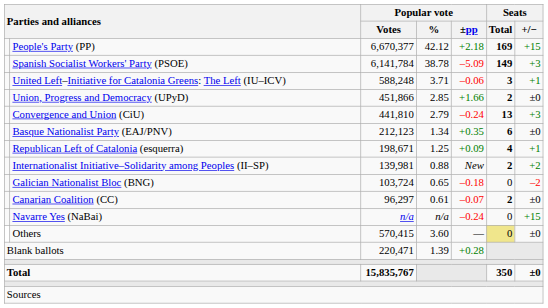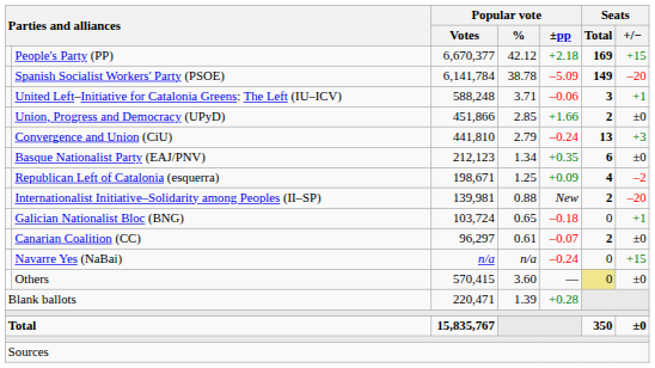 <table class="wikitable" style="text-align:right">
 <tr>
 <th style="text-align:left;" rowspan="2" colspan="2" width="525">Parties and alliances</th>
 <th colspan="3">Popular vote</th>
 <th colspan="2">Seats</th>
 </tr>
 <tr>
 <th width="75">Votes</th>
 <th width="45">%</th>
 <th width="45">±<a href='#'>pp</a></th>
 <th width="35">Total</th>
 <th width="35">+/−</th>
 </tr>
 <tr>
 <td width="1" style="color:inherit;background:"></td>
 <td align="left"><a href='#'>People's Party</a> (PP)</td>
 <td>6,670,377</td>
 <td>42.12</td>
 <td style="color:green;">+2.18</td>
 <td><strong>169</strong></td>
 <td style="color:green;">+15</td>
 </tr>
 <tr>
 <td style="color:inherit;background:"></td>
 <td align="left"><a href='#'>Spanish Socialist Workers' Party</a> (PSOE)</td>
 <td>6,141,784</td>
 <td>38.78</td>
 <td style="color:red;">–5.09</td>
 <td><strong>149</strong></td>
-<td style="color:green;">+3</td>
+<td style="color:red;">–20</td>
 </tr>
 <tr>
 <td style="color:inherit;background:"></td>
 <td align="left"><a href='#'>United Left</a>–<a href='#'>Initiative for Catalonia Greens</a>: <a href='#'>The Left</a> (IU–ICV)</td>
 <td>588,248</td>
 <td>3.71</td>
 <td style="color:red;">–0.06</td>
 <td><strong>3</strong></td>
 <td style="color:green;">+1</td>
 </tr>
 <tr>
 <td style="color:inherit;background:"></td>
 <td align="left"><a href='#'>Union, Progress and Democracy</a> (UPyD)</td>
 <td>451,866</td>
 <td>2.85</td>
 <td style="color:green;">+1.66</td>
 <td><strong>2</strong></td>
 <td>±0</td>
 </tr>
 <tr>
 <td style="color:inherit;background:"></td>
 <td align="left"><a href='#'>Convergence and Union</a> (CiU)</td>
 <td>441,810</td>
 <td>2.79</td>
 <td style="color:red;">–0.24</td>
 <td><strong>13</strong></td>
 <td style="color:green;">+3</td>
 </tr>
 <tr>
 <td style="color:inherit;background:"></td>
 <td align="left"><a href='#'>Basque Nationalist Party</a> (EAJ/PNV)</td>
 <td>212,123</td>
 <td>1.34</td>
 <td style="color:green;">+0.35</td>
 <td><strong>6</strong></td>
 <td>±0</td>
 </tr>
 <tr>
 <td style="color:inherit;background:"></td>
 <td align="left"><a href='#'>Republican Left of Catalonia</a> (esquerra)</td>
 <td>198,671</td>
 <td>1.25</td>
 <td style="color:green;">+0.09</td>
 <td><strong>4</strong></td>
-<td style="color:green;">+1</td>
+<td style="color:red;">–2</td>
 </tr>
 <tr>
 <td style="color:inherit;background:"></td>
 <td align="left"><a href='#'>Internationalist Initiative–Solidarity among Peoples</a> (II–SP)</td>
 <td>139,981</td>
 <td>0.88</td>
 <td><em>New</em></td>
 <td><strong>2</strong></td>
-<td style="color:green;">+2</td>
+<td style="color:red;">–20</td>
 </tr>
 <tr>
 <td style="color:inherit;background:"></td>
 <td align="left"><a href='#'>Galician Nationalist Bloc</a> (BNG)</td>
 <td>103,724</td>
 <td>0.65</td>
 <td style="color:red;">–0.18</td>
 <td>0</td>
-<td style="color:red;">–2</td>
+<td style="color:green;">+1</td>
 </tr>
 <tr>
 <td style="color:inherit;background:"></td>
 <td align="left"><a href='#'>Canarian Coalition</a> (CC)</td>
 <td>96,297</td>
 <td>0.61</td>
 <td style="color:red;">–0.07</td>
 <td><strong>2</strong></td>
 <td>±0</td>
 </tr>
 <tr>
 <td style="color:inherit;background:"></td>
 <td align="left"><a href='#'>Navarre Yes</a> (NaBai)</td>
 <td><em><a href='#'>n/a</a></em></td>
 <td><em>n/a</em></td>
 <td style="color:red;">–0.24</td>
 <td>0</td>
 <td style="color:green;">+15</td>
 </tr>
 <tr>
 <td bgcolor="white"></td>
 <td align="left">Others</td>
 <td>570,415</td>
 <td>3.60</td>
 <td>—</td>
 <td style="background: khaki;">0</td>
 <td>±0</td>
 </tr>
 <tr>
 <td align="left" colspan="2">Blank ballots</td>
 <td>220,471</td>
 <td>1.39</td>
 <td style="color:green;">+0.28</td>
 <td bgcolor="#E9E9E9" colspan="2"></td>
 </tr>
 <tr>
 <td colspan="7" bgcolor="#E9E9E9"></td>
 </tr>
 <tr style="font-weight:bold;">
 <td align="left" colspan="2">Total</td>
 <td>15,835,767</td>
 <td bgcolor="#E9E9E9" colspan="2"></td>
 <td>350</td>
 <td>±0</td>
 </tr>
 <tr>
 <td colspan="7" bgcolor="#E9E9E9"></td>
 </tr>
 <tr>
 <td align="left" colspan="7">Sources</td>
 </tr>
 </table>
